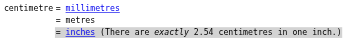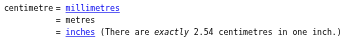 <table>
 <tr>
 <td rowspan=4 valign=top> centimetre</td>
 <td>=  <a href='#'>millimetres</a></td>
 </tr>
 <tr>
 <td>=  metres</td>
 </tr>
 <tr>
-<td style="background: lightgrey;">=  <a href='#'>inches</a> (There are <em>exactly</em> 2.54 centimetres in one inch.)</td>
+<td>=  <a href='#'>inches</a> (There are <em>exactly</em> 2.54 centimetres in one inch.)</td>
 </tr>
 </table>
